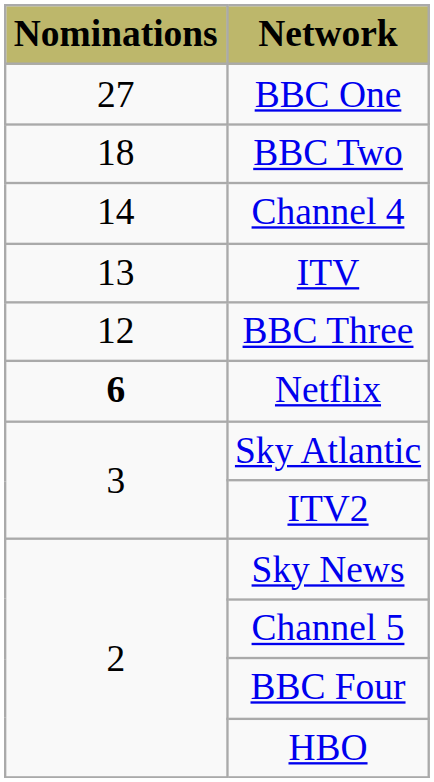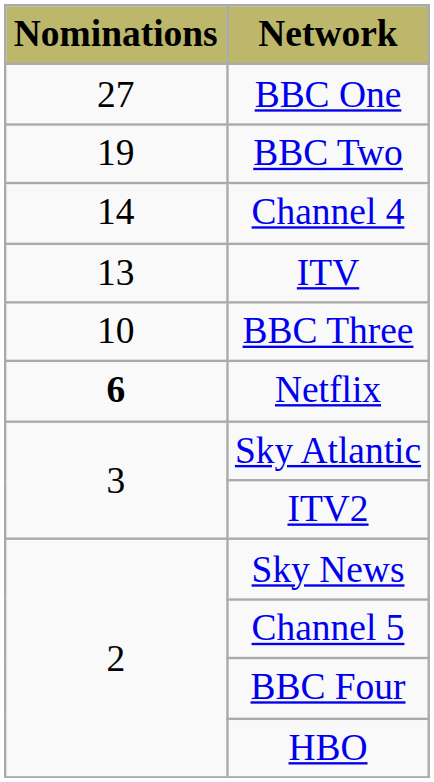 <table class="wikitable" style="text-align:center;">
 <tr>
 <th style="background:#BDB76B;">Nominations</th>
 <th style="background:#BDB76B;">Network</th>
 </tr>
 <tr>
 <td>27</td>
 <td><a href='#'>BBC One</a></td>
 </tr>
 <tr>
-<td>18</td>
+<td>19</td>
 <td><a href='#'>BBC Two</a></td>
 </tr>
 <tr>
 <td>14</td>
 <td><a href='#'>Channel 4</a></td>
 </tr>
 <tr>
 <td>13</td>
 <td><a href='#'>ITV</a></td>
 </tr>
 <tr>
-<td>12</td>
+<td>10</td>
 <td><a href='#'>BBC Three</a></td>
 </tr>
 <tr>
 <td><strong>6</strong></td>
 <td><a href='#'>Netflix</a></td>
 </tr>
 <tr>
 <td rowspan="2">3</td>
 <td><a href='#'>Sky Atlantic</a></td>
 </tr>
 <tr>
 <td><a href='#'>ITV2</a></td>
 </tr>
 <tr>
 <td rowspan="10">2</td>
 <td><a href='#'>Sky News</a></td>
 </tr>
 <tr>
 <td><a href='#'>Channel 5</a></td>
 </tr>
 <tr>
 <td><a href='#'>BBC Four</a></td>
 </tr>
 <tr>
 <td><a href='#'>HBO</a></td>
 </tr>
 </table>
